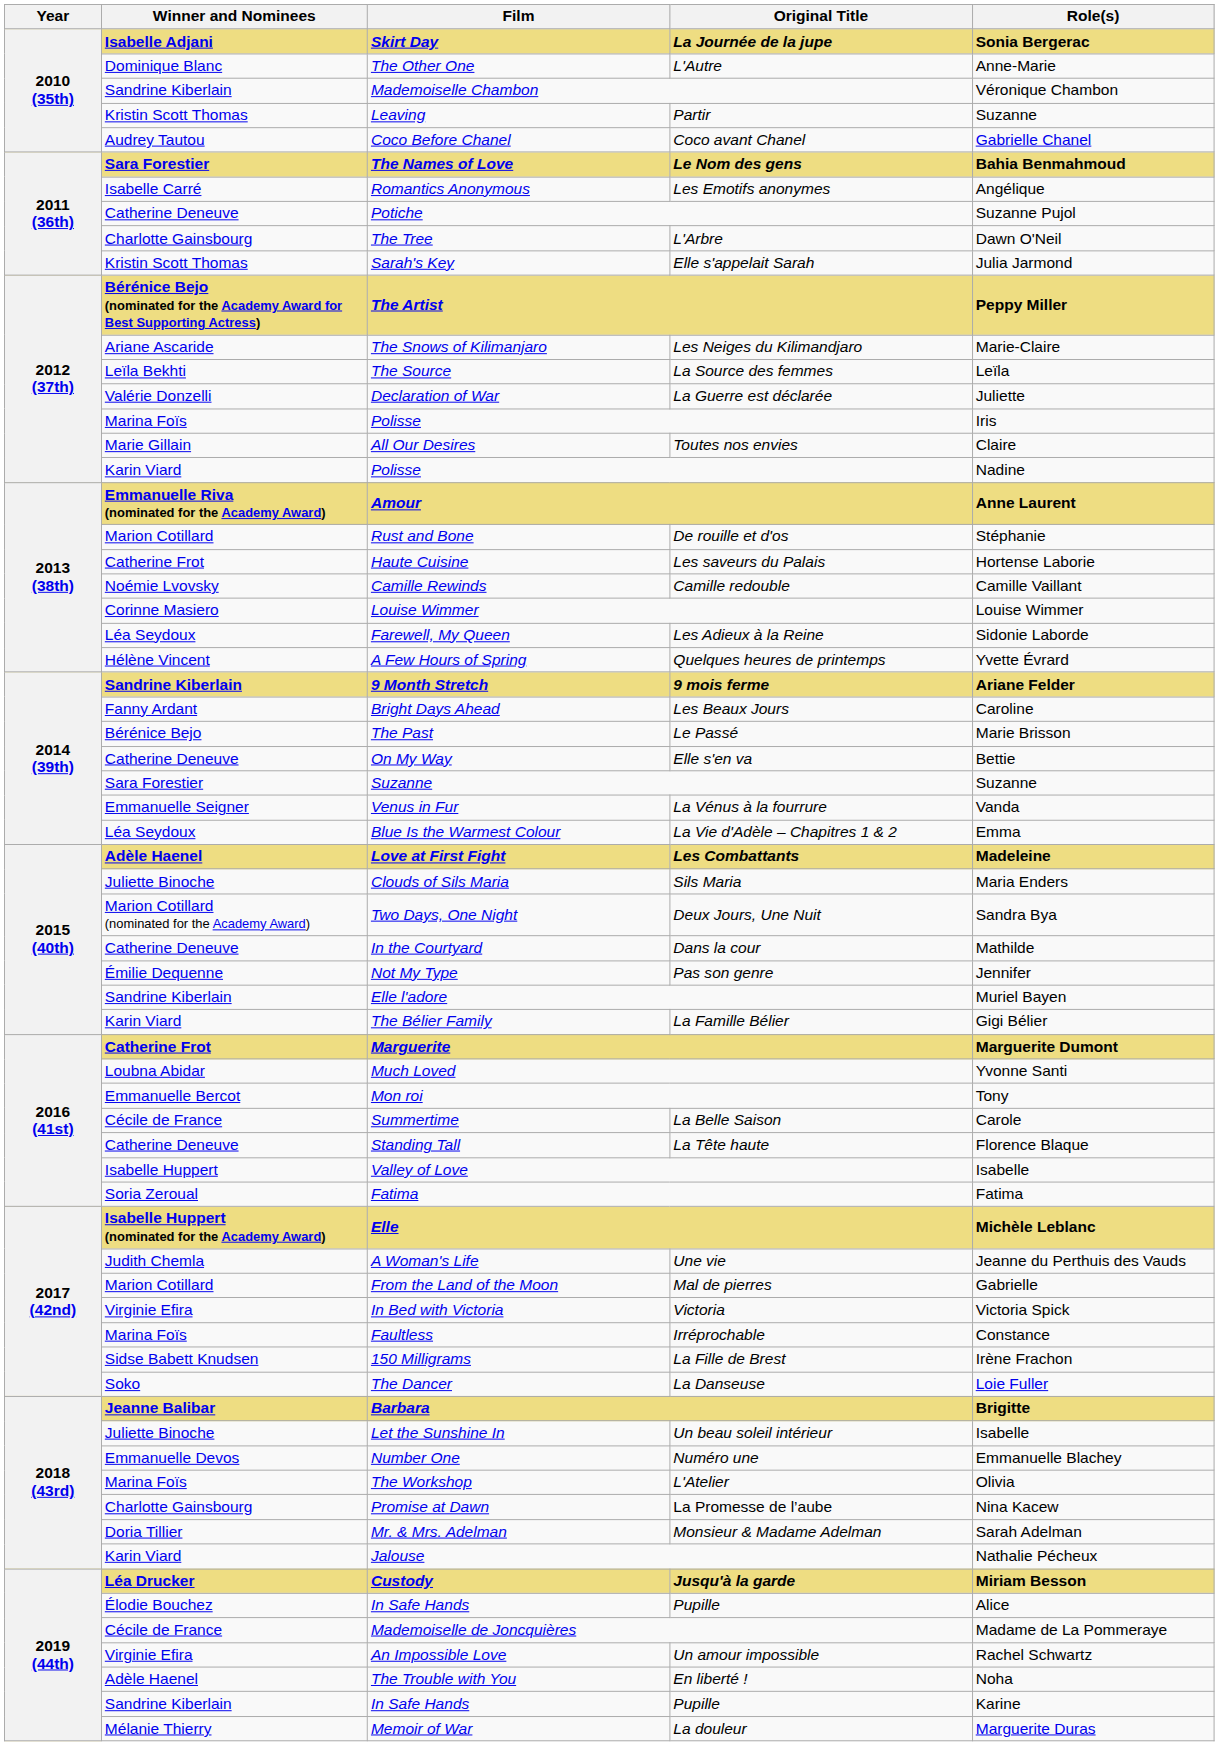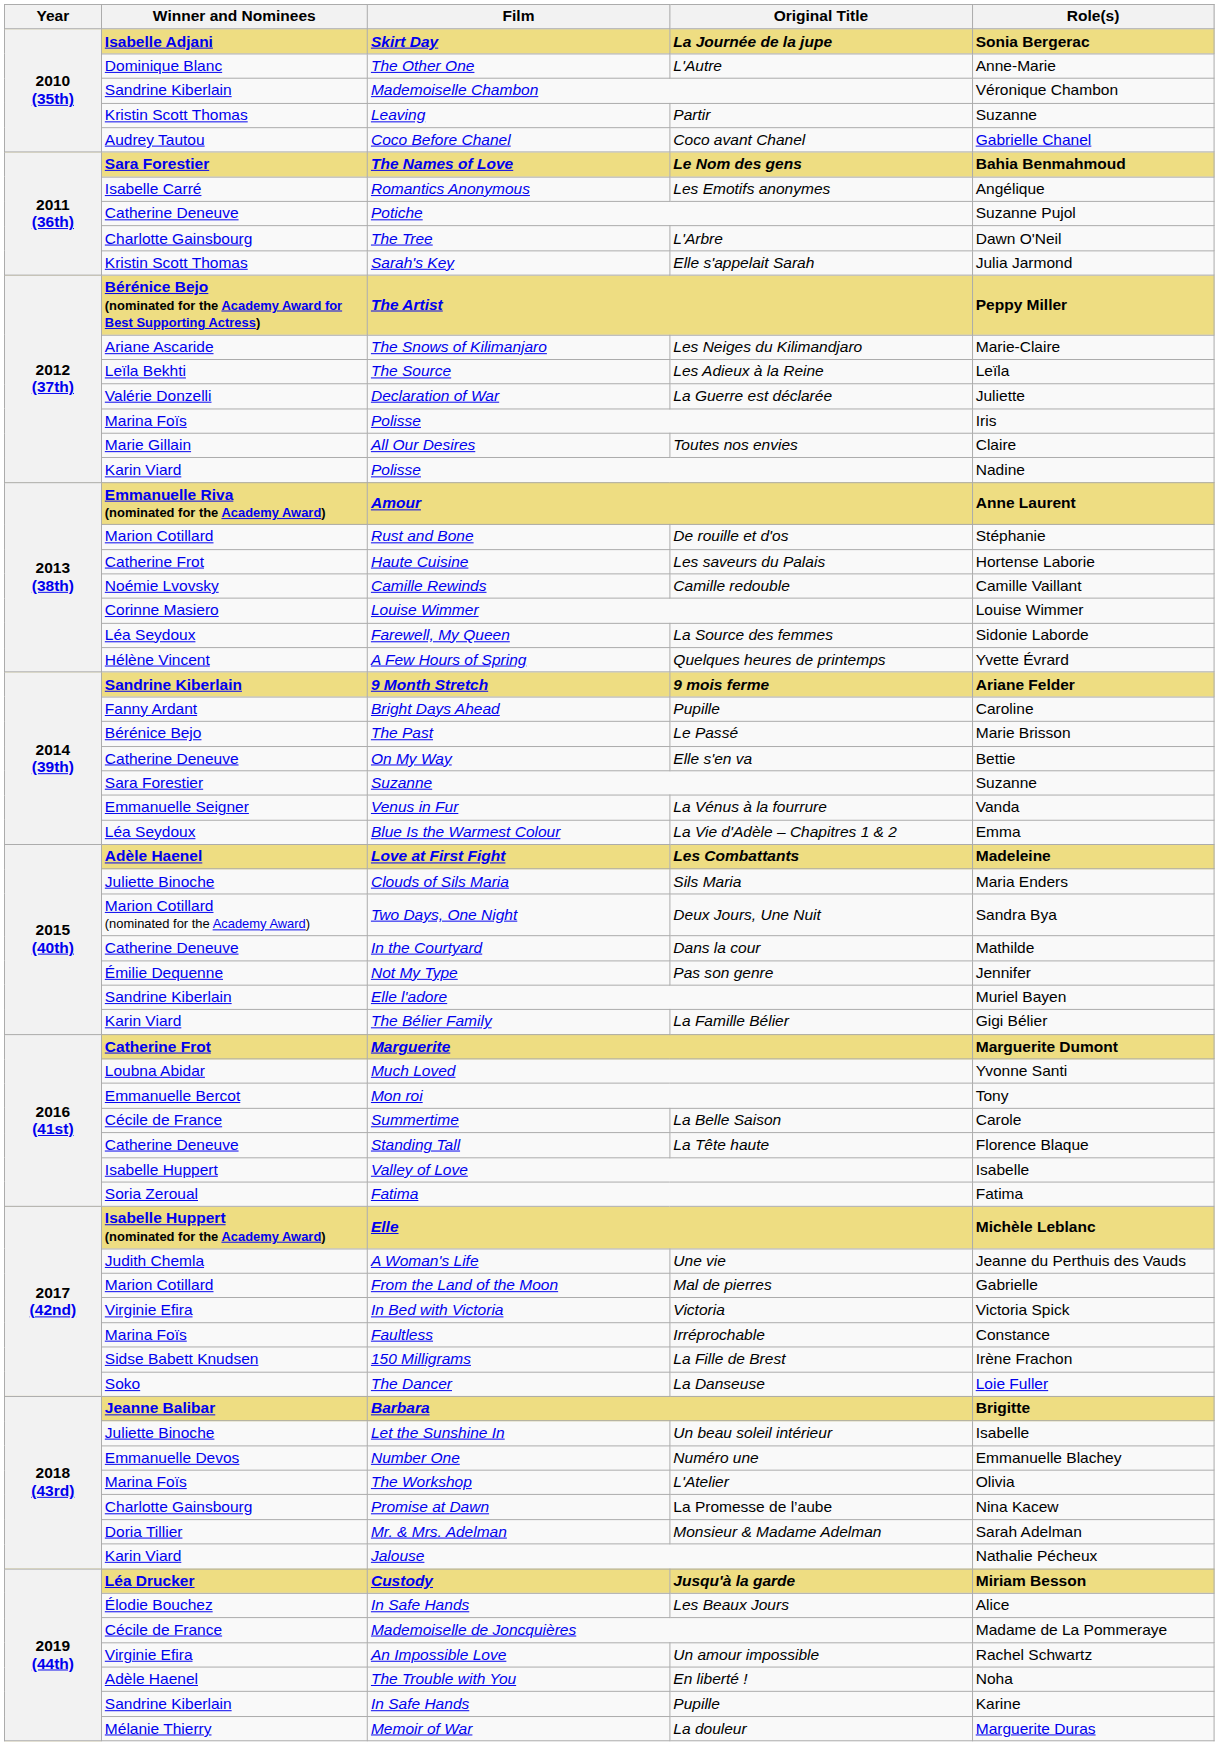 <table class="wikitable" style="width=100%">
 <tr style="background:#bebebe;">
 <th style="width:8%;">Year</th>
 <th style="width:22%;">Winner and Nominees</th>
 <th style="width:25%;">Film</th>
 <th style="width:25%;">Original Title</th>
 <th style="width:20%;">Role(s)</th>
 </tr>
 <tr style="background:#eedd82;">
 <th rowspan="5">2010<br><a href='#'>(35th)</a></th>
 <td><strong><a href='#'>Isabelle Adjani</a></strong></td>
 <td><strong><em><a href='#'>Skirt Day</a></em></strong></td>
 <td><strong><em>La Journée de la jupe</em></strong></td>
 <td><strong>Sonia Bergerac</strong></td>
 </tr>
 <tr>
 <td><a href='#'>Dominique Blanc</a></td>
 <td><em><a href='#'>The Other One</a></em></td>
 <td><em>L'Autre</em></td>
 <td>Anne-Marie</td>
 </tr>
 <tr>
 <td><a href='#'>Sandrine Kiberlain</a></td>
 <td colspan="2"><em><a href='#'>Mademoiselle Chambon</a></em></td>
 <td>Véronique Chambon</td>
 </tr>
 <tr>
 <td><a href='#'>Kristin Scott Thomas</a></td>
 <td><em><a href='#'>Leaving</a></em></td>
 <td><em>Partir</em></td>
 <td>Suzanne</td>
 </tr>
 <tr>
 <td><a href='#'>Audrey Tautou</a></td>
 <td><em><a href='#'>Coco Before Chanel</a></em></td>
 <td><em>Coco avant Chanel</em></td>
 <td><a href='#'>Gabrielle Chanel</a></td>
 </tr>
 <tr style="background:#eedd82;">
 <th rowspan="5">2011<br><a href='#'>(36th)</a></th>
 <td><strong><a href='#'>Sara Forestier</a></strong></td>
 <td><strong><em><a href='#'>The Names of Love</a></em></strong></td>
 <td><strong><em>Le Nom des gens</em></strong></td>
 <td><strong>Bahia Benmahmoud</strong></td>
 </tr>
 <tr>
 <td><a href='#'>Isabelle Carré</a></td>
 <td><em><a href='#'>Romantics Anonymous</a></em></td>
 <td><em>Les Emotifs anonymes</em></td>
 <td>Angélique</td>
 </tr>
 <tr>
 <td><a href='#'>Catherine Deneuve</a></td>
 <td colspan="2"><em><a href='#'>Potiche</a></em></td>
 <td>Suzanne Pujol</td>
 </tr>
 <tr>
 <td><a href='#'>Charlotte Gainsbourg</a></td>
 <td><em><a href='#'>The Tree</a></em></td>
 <td><em>L'Arbre</em></td>
 <td>Dawn O'Neil</td>
 </tr>
 <tr>
 <td><a href='#'>Kristin Scott Thomas</a></td>
 <td><em><a href='#'>Sarah's Key</a></em></td>
 <td><em>Elle s'appelait Sarah</em></td>
 <td>Julia Jarmond</td>
 </tr>
 <tr style="background:#eedd82;">
 <th rowspan="7">2012<br><a href='#'>(37th)</a></th>
 <td><strong><a href='#'>Bérénice Bejo</a><br><small>(nominated for the <a href='#'>Academy Award for Best Supporting Actress</a>)</small></strong></td>
 <td colspan="2"><strong><em><a href='#'>The Artist</a></em></strong></td>
 <td><strong>Peppy Miller</strong></td>
 </tr>
 <tr>
 <td><a href='#'>Ariane Ascaride</a></td>
 <td><em><a href='#'>The Snows of Kilimanjaro</a></em></td>
 <td><em>Les Neiges du Kilimandjaro</em></td>
 <td>Marie-Claire</td>
 </tr>
 <tr>
 <td><a href='#'>Leïla Bekhti</a></td>
 <td><em><a href='#'>The Source</a></em></td>
-<td><em>La Source des femmes</em></td>
+<td><em>Les Adieux à la Reine</em></td>
 <td>Leïla</td>
 </tr>
 <tr>
 <td><a href='#'>Valérie Donzelli</a></td>
 <td><em><a href='#'>Declaration of War</a></em></td>
 <td><em>La Guerre est déclarée</em></td>
 <td>Juliette</td>
 </tr>
 <tr>
 <td><a href='#'>Marina Foïs</a></td>
 <td colspan="2"><em><a href='#'>Polisse</a></em></td>
 <td>Iris</td>
 </tr>
 <tr>
 <td><a href='#'>Marie Gillain</a></td>
 <td><em><a href='#'>All Our Desires</a></em></td>
 <td><em>Toutes nos envies</em></td>
 <td>Claire</td>
 </tr>
 <tr>
 <td><a href='#'>Karin Viard</a></td>
 <td colspan="2"><em><a href='#'>Polisse</a></em></td>
 <td>Nadine</td>
 </tr>
 <tr style="background:#eedd82;">
 <th rowspan="7">2013<br><a href='#'>(38th)</a></th>
 <td><strong><a href='#'>Emmanuelle Riva</a><br><small>(nominated for the <a href='#'>Academy Award</a>)</small></strong></td>
 <td colspan="2"><strong><em><a href='#'>Amour</a></em></strong></td>
 <td><strong>Anne Laurent</strong></td>
 </tr>
 <tr>
 <td><a href='#'>Marion Cotillard</a></td>
 <td><em><a href='#'>Rust and Bone</a></em></td>
 <td><em>De rouille et d'os</em></td>
 <td>Stéphanie</td>
 </tr>
 <tr>
 <td><a href='#'>Catherine Frot</a></td>
 <td><em><a href='#'>Haute Cuisine</a></em></td>
 <td><em>Les saveurs du Palais</em></td>
 <td>Hortense Laborie</td>
 </tr>
 <tr>
 <td><a href='#'>Noémie Lvovsky</a></td>
 <td><em><a href='#'>Camille Rewinds</a></em></td>
 <td><em>Camille redouble</em></td>
 <td>Camille Vaillant</td>
 </tr>
 <tr>
 <td><a href='#'>Corinne Masiero</a></td>
 <td colspan=2><em><a href='#'>Louise Wimmer</a></em></td>
 <td>Louise Wimmer</td>
 </tr>
 <tr>
 <td><a href='#'>Léa Seydoux</a></td>
 <td><em><a href='#'>Farewell, My Queen</a></em></td>
-<td><em>Les Adieux à la Reine</em></td>
+<td><em>La Source des femmes</em></td>
 <td>Sidonie Laborde</td>
 </tr>
 <tr>
 <td><a href='#'>Hélène Vincent</a></td>
 <td><em><a href='#'>A Few Hours of Spring</a></em></td>
 <td><em>Quelques heures de printemps</em></td>
 <td>Yvette Évrard</td>
 </tr>
 <tr style="background:#eedd82;">
 <th rowspan="7">2014<br><a href='#'>(39th)</a></th>
 <td><strong><a href='#'>Sandrine Kiberlain</a></strong></td>
 <td><strong><em><a href='#'>9 Month Stretch</a></em></strong></td>
 <td><strong><em>9 mois ferme</em></strong></td>
 <td><strong>Ariane Felder</strong></td>
 </tr>
 <tr>
 <td><a href='#'>Fanny Ardant</a></td>
 <td><em><a href='#'>Bright Days Ahead</a></em></td>
-<td><em>Les Beaux Jours</em></td>
+<td><em>Pupille</em></td>
 <td>Caroline</td>
 </tr>
 <tr>
 <td><a href='#'>Bérénice Bejo</a></td>
 <td><em><a href='#'>The Past</a></em></td>
 <td><em> Le Passé</em></td>
 <td>Marie Brisson</td>
 </tr>
 <tr>
 <td><a href='#'>Catherine Deneuve</a></td>
 <td><em><a href='#'>On My Way</a></em></td>
 <td><em>Elle s'en va</em></td>
 <td>Bettie</td>
 </tr>
 <tr>
 <td><a href='#'>Sara Forestier</a></td>
 <td colspan=2><em><a href='#'>Suzanne</a></em></td>
 <td>Suzanne</td>
 </tr>
 <tr>
 <td><a href='#'>Emmanuelle Seigner</a></td>
 <td><em><a href='#'>Venus in Fur</a></em></td>
 <td><em>La Vénus à la fourrure</em></td>
 <td>Vanda</td>
 </tr>
 <tr>
 <td><a href='#'>Léa Seydoux</a></td>
 <td><em><a href='#'>Blue Is the Warmest Colour</a></em></td>
 <td><em>La Vie d'Adèle – Chapitres 1 & 2</em></td>
 <td>Emma</td>
 </tr>
 <tr style="background:#eedd82;">
 <th rowspan="7">2015<br><a href='#'>(40th)</a></th>
 <td><strong><a href='#'>Adèle Haenel</a></strong></td>
 <td><strong><em><a href='#'>Love at First Fight</a></em></strong></td>
 <td><strong><em>Les Combattants</em></strong></td>
 <td><strong>Madeleine</strong></td>
 </tr>
 <tr>
 <td><a href='#'>Juliette Binoche</a></td>
 <td><em><a href='#'>Clouds of Sils Maria</a></em></td>
 <td><em>Sils Maria</em></td>
 <td>Maria Enders</td>
 </tr>
 <tr>
 <td><a href='#'>Marion Cotillard</a><br><small>(nominated for the <a href='#'>Academy Award</a>)</small></td>
 <td><em><a href='#'>Two Days, One Night</a></em></td>
 <td><em>Deux Jours, Une Nuit</em></td>
 <td>Sandra Bya</td>
 </tr>
 <tr>
 <td><a href='#'>Catherine Deneuve</a></td>
 <td><em><a href='#'>In the Courtyard</a></em></td>
 <td><em>Dans la cour</em></td>
 <td>Mathilde</td>
 </tr>
 <tr>
 <td><a href='#'>Émilie Dequenne</a></td>
 <td><em><a href='#'>Not My Type</a></em></td>
 <td><em>Pas son genre</em></td>
 <td>Jennifer</td>
 </tr>
 <tr>
 <td><a href='#'>Sandrine Kiberlain</a></td>
 <td colspan=2><em><a href='#'>Elle l'adore</a></em></td>
 <td>Muriel Bayen</td>
 </tr>
 <tr>
 <td><a href='#'>Karin Viard</a></td>
 <td><em><a href='#'>The Bélier Family</a></em></td>
 <td><em>La Famille Bélier</em></td>
 <td>Gigi Bélier</td>
 </tr>
 <tr style="background:#eedd82;">
 <th rowspan="7">2016<br><a href='#'>(41st)</a></th>
 <td><strong><a href='#'>Catherine Frot</a></strong></td>
 <td colspan="2"><strong><em><a href='#'>Marguerite</a></em></strong></td>
 <td><strong>Marguerite Dumont</strong></td>
 </tr>
 <tr>
 <td><a href='#'>Loubna Abidar</a></td>
 <td colspan=2><em><a href='#'>Much Loved</a></em></td>
 <td>Yvonne Santi</td>
 </tr>
 <tr>
 <td><a href='#'>Emmanuelle Bercot</a></td>
 <td colspan=2><em><a href='#'>Mon roi</a></em></td>
 <td>Tony</td>
 </tr>
 <tr>
 <td><a href='#'>Cécile de France</a></td>
 <td><em><a href='#'>Summertime</a></em></td>
 <td><em>La Belle Saison</em></td>
 <td>Carole</td>
 </tr>
 <tr>
 <td><a href='#'>Catherine Deneuve</a></td>
 <td><em><a href='#'>Standing Tall</a></em></td>
 <td><em>La Tête haute</em></td>
 <td>Florence Blaque</td>
 </tr>
 <tr>
 <td><a href='#'>Isabelle Huppert</a></td>
 <td colspan=2><em><a href='#'>Valley of Love</a></em></td>
 <td>Isabelle</td>
 </tr>
 <tr>
 <td><a href='#'>Soria Zeroual</a></td>
 <td colspan=2><em><a href='#'>Fatima</a></em></td>
 <td>Fatima</td>
 </tr>
 <tr style="background:#eedd82;">
 <th rowspan="7">2017<br><a href='#'>(42nd)</a></th>
 <td><strong><a href='#'>Isabelle Huppert</a><br><small>(nominated for the <a href='#'>Academy Award</a>)</small></strong></td>
 <td colspan="2"><strong><em><a href='#'>Elle</a></em></strong></td>
 <td><strong>Michèle Leblanc</strong></td>
 </tr>
 <tr>
 <td><a href='#'>Judith Chemla</a></td>
 <td><em><a href='#'>A Woman's Life</a></em></td>
 <td><em>Une vie</em></td>
 <td>Jeanne du Perthuis des Vauds</td>
 </tr>
 <tr>
 <td><a href='#'>Marion Cotillard</a></td>
 <td><em><a href='#'>From the Land of the Moon</a></em></td>
 <td><em>Mal de pierres</em></td>
 <td>Gabrielle</td>
 </tr>
 <tr>
 <td><a href='#'>Virginie Efira</a></td>
 <td><em><a href='#'>In Bed with Victoria</a></em></td>
 <td><em>Victoria</em></td>
 <td>Victoria Spick</td>
 </tr>
 <tr>
 <td><a href='#'>Marina Foïs</a></td>
 <td><em><a href='#'>Faultless</a></em></td>
 <td><em>Irréprochable</em></td>
 <td>Constance</td>
 </tr>
 <tr>
 <td><a href='#'>Sidse Babett Knudsen</a></td>
 <td><em><a href='#'>150 Milligrams</a></em></td>
 <td><em>La Fille de Brest</em></td>
 <td>Irène Frachon</td>
 </tr>
 <tr>
 <td><a href='#'>Soko</a></td>
 <td><em><a href='#'>The Dancer</a></em></td>
 <td><em>La Danseuse</em></td>
 <td><a href='#'>Loie Fuller</a></td>
 </tr>
 <tr style="background:#eedd82;">
 <th rowspan="7">2018<br><a href='#'>(43rd)</a></th>
 <td><strong><a href='#'>Jeanne Balibar</a></strong></td>
 <td colspan="2"><strong><em><a href='#'>Barbara</a></em></strong></td>
 <td><strong>Brigitte</strong></td>
 </tr>
 <tr>
 <td><a href='#'>Juliette Binoche</a></td>
 <td><em><a href='#'>Let the Sunshine In</a></em></td>
 <td><em>Un beau soleil intérieur</em></td>
 <td>Isabelle</td>
 </tr>
 <tr>
 <td><a href='#'>Emmanuelle Devos</a></td>
 <td><em><a href='#'>Number One</a></em></td>
 <td><em>Numéro une</em></td>
 <td>Emmanuelle Blachey</td>
 </tr>
 <tr>
 <td><a href='#'>Marina Foïs</a></td>
 <td><em><a href='#'>The Workshop</a></em></td>
 <td><em>L'Atelier</em></td>
 <td>Olivia</td>
 </tr>
 <tr>
 <td><a href='#'>Charlotte Gainsbourg</a></td>
 <td><em><a href='#'>Promise at Dawn</a></em></td>
 <td>La Promesse de l’aube</td>
 <td>Nina Kacew</td>
 </tr>
 <tr>
 <td><a href='#'>Doria Tillier</a></td>
 <td><em><a href='#'>Mr. & Mrs. Adelman</a></em></td>
 <td><em>Monsieur & Madame Adelman</em></td>
 <td>Sarah Adelman</td>
 </tr>
 <tr>
 <td><a href='#'>Karin Viard</a></td>
 <td colspan=2><em><a href='#'>Jalouse</a></em></td>
 <td>Nathalie Pécheux</td>
 </tr>
 <tr style="background:#eedd82;">
 <th rowspan="7">2019<br><a href='#'>(44th)</a></th>
 <td><strong><a href='#'>Léa Drucker</a></strong></td>
 <td><strong><em><a href='#'>Custody</a></em></strong></td>
 <td><strong><em>Jusqu'à la garde</em></strong></td>
 <td><strong>Miriam Besson</strong></td>
 </tr>
 <tr>
 <td><a href='#'>Élodie Bouchez</a></td>
 <td><em><a href='#'>In Safe Hands</a></em></td>
-<td><em>Pupille</em></td>
+<td><em>Les Beaux Jours</em></td>
 <td>Alice</td>
 </tr>
 <tr>
 <td><a href='#'>Cécile de France</a></td>
 <td colspan=2><em><a href='#'>Mademoiselle de Joncquières</a></em></td>
 <td>Madame de La Pommeraye</td>
 </tr>
 <tr>
 <td><a href='#'>Virginie Efira</a></td>
 <td><em><a href='#'>An Impossible Love</a></em></td>
 <td><em>Un amour impossible</em></td>
 <td>Rachel Schwartz</td>
 </tr>
 <tr>
 <td><a href='#'>Adèle Haenel</a></td>
 <td><em><a href='#'>The Trouble with You</a></em></td>
 <td><em>En liberté !</em></td>
 <td>Noha</td>
 </tr>
 <tr>
 <td><a href='#'>Sandrine Kiberlain</a></td>
 <td><em><a href='#'>In Safe Hands</a></em></td>
 <td><em>Pupille</em></td>
 <td>Karine</td>
 </tr>
 <tr>
 <td><a href='#'>Mélanie Thierry</a></td>
 <td><em><a href='#'>Memoir of War</a></em></td>
 <td><em>La douleur</em></td>
 <td><a href='#'>Marguerite Duras</a></td>
 </tr>
 </table>
